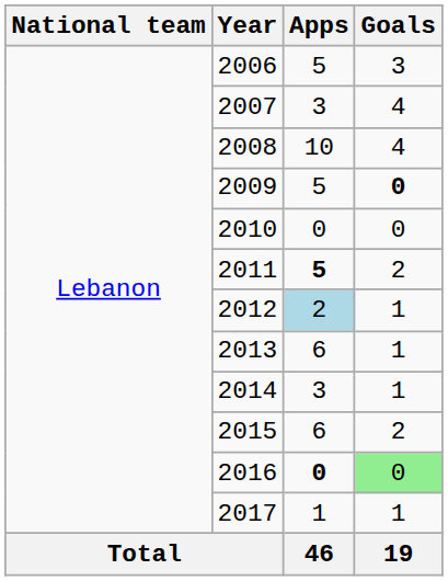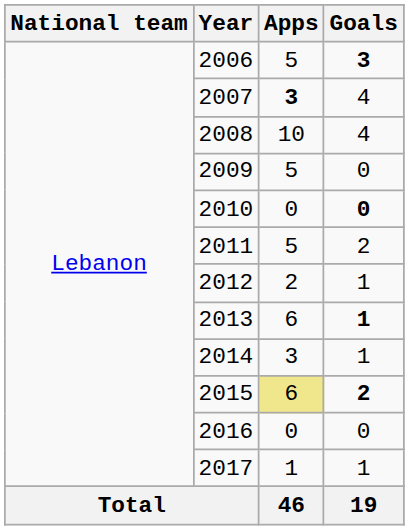 <table class=wikitable style="text-align: center">
 <tr>
 <th>National team</th>
 <th>Year</th>
 <th>Apps</th>
 <th>Goals</th>
 </tr>
 <tr>
 <td rowspan="12"><a href='#'>Lebanon</a></td>
 <td>2006</td>
 <td>5</td>
-<td>3</td>
+<td><strong>3</strong></td>
 </tr>
 <tr>
 <td>2007</td>
-<td>3</td>
+<td><strong>3</strong></td>
 <td>4</td>
 </tr>
 <tr>
 <td>2008</td>
 <td>10</td>
 <td>4</td>
 </tr>
 <tr>
 <td>2009</td>
 <td>5</td>
-<td><strong>0</strong></td>
+<td>0</td>
 </tr>
 <tr>
 <td>2010</td>
 <td>0</td>
-<td>0</td>
+<td><strong>0</strong></td>
 </tr>
 <tr>
 <td>2011</td>
-<td><strong>5</strong></td>
+<td>5</td>
 <td>2</td>
 </tr>
 <tr>
 <td>2012</td>
-<td style="background: lightblue;">2</td>
+<td>2</td>
 <td>1</td>
 </tr>
 <tr>
 <td>2013</td>
 <td>6</td>
-<td>1</td>
+<td><strong>1</strong></td>
 </tr>
 <tr>
 <td>2014</td>
 <td>3</td>
 <td>1</td>
 </tr>
 <tr>
 <td>2015</td>
-<td>6</td>
-<td>2</td>
+<td style="background: khaki;">6</td>
+<td><strong>2</strong></td>
 </tr>
 <tr>
 <td>2016</td>
-<td><strong>0</strong></td>
-<td style="background: lightgreen;">0</td>
+<td>0</td>
+<td>0</td>
 </tr>
 <tr>
 <td>2017</td>
 <td>1</td>
 <td>1</td>
 </tr>
 <tr>
 <th colspan=2>Total</th>
 <th>46</th>
 <th>19</th>
 </tr>
 </table>
